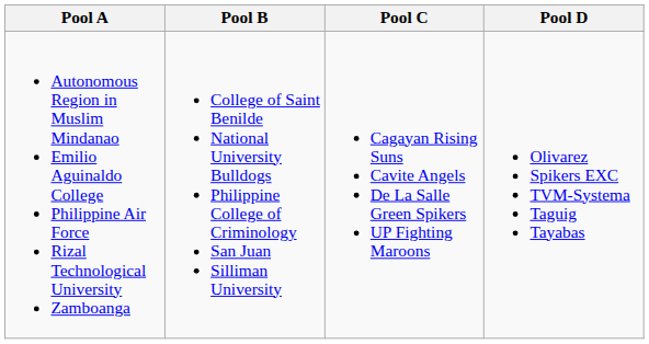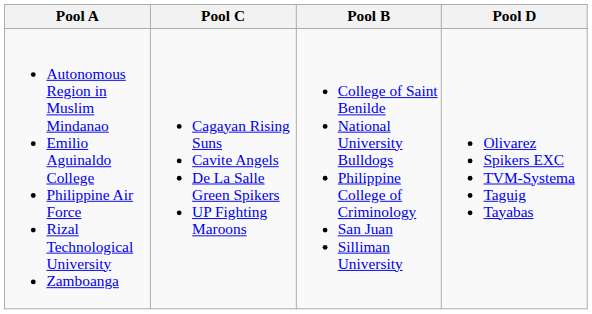 <table class="wikitable">
 <tr>
 <th width=25%>Pool A</th>
+<th width=25%>Pool C</th>
 <th width=25%>Pool B</th>
-<th width=25%>Pool C</th>
 <th width=25%>Pool D</th>
 </tr>
 <tr>
 <td><br><ul><li><a href='#'>Autonomous Region in Muslim Mindanao</a></li><li><a href='#'>Emilio Aguinaldo College</a></li><li><a href='#'>Philippine Air Force</a></li><li><a href='#'>Rizal Technological University</a></li><li><a href='#'>Zamboanga</a></li></ul></td>
+<td><br><ul><li><a href='#'>Cagayan Rising Suns</a></li><li><a href='#'>Cavite Angels</a></li><li><a href='#'>De La Salle Green Spikers</a></li><li><a href='#'>UP Fighting Maroons</a></li></ul></td>
 <td><br><ul><li><a href='#'>College of Saint Benilde</a></li><li><a href='#'>National University Bulldogs</a></li><li><a href='#'>Philippine College of Criminology</a></li><li><a href='#'>San Juan</a></li><li><a href='#'>Silliman University</a></li></ul></td>
-<td><br><ul><li><a href='#'>Cagayan Rising Suns</a></li><li><a href='#'>Cavite Angels</a></li><li><a href='#'>De La Salle Green Spikers</a></li><li><a href='#'>UP Fighting Maroons</a></li></ul></td>
 <td><br><ul><li><a href='#'>Olivarez</a></li><li><a href='#'>Spikers EXC</a></li><li><a href='#'>TVM-Systema</a></li><li><a href='#'>Taguig</a></li><li><a href='#'>Tayabas</a></li></ul></td>
 </tr>
 </table>
